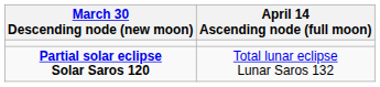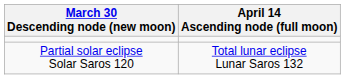 <table class="wikitable">
 <tr>
 <th><a href='#'>March 30</a><br>Descending node (new moon)<br></th>
 <th>April 14<br>Ascending node (full moon)<br></th>
 </tr>
 <tr>
 <td></td>
 <td></td>
 </tr>
 <tr align=center>
-<td><strong><a href='#'>Partial solar eclipse</a><br>Solar Saros 120</strong></td>
+<td><a href='#'>Partial solar eclipse</a><br>Solar Saros 120</td>
 <td><a href='#'>Total lunar eclipse</a><br>Lunar Saros 132</td>
 </tr>
 </table>
